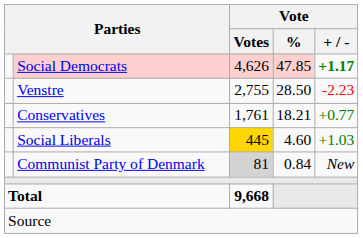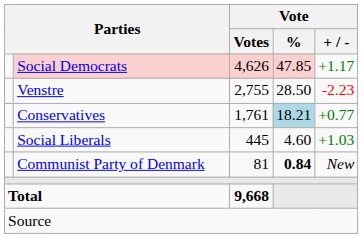 <table class="wikitable" style="text-align:right;">
 <tr>
 <th style="text-align:centre;" rowspan="2" colspan="2" width="225">Parties</th>
 <th colspan="3">Vote</th>
 </tr>
 <tr>
 <th width="15">Votes</th>
 <th width="15">%</th>
 <th width="15">+ / -</th>
 </tr>
 <tr>
 <td width="2" style="color:inherit;background:"></td>
 <td bgcolor=#fbd0ce  align="left"><a href='#'>Social Democrats</a></td>
 <td bgcolor=#fbd0ce>4,626</td>
 <td bgcolor=#fbd0ce>47.85</td>
-<td style=color:green;><strong>+1.17</strong></td>
+<td style=color:green;>+1.17</td>
 </tr>
 <tr>
 <td width="2" style="color:inherit;background:"></td>
 <td align="left"><a href='#'>Venstre</a></td>
 <td>2,755</td>
 <td>28.50</td>
 <td style=color:red;>-2.23</td>
 </tr>
 <tr>
 <td width="2" style="color:inherit;background:"></td>
 <td align="left"><a href='#'>Conservatives</a></td>
 <td>1,761</td>
-<td>18.21</td>
+<td style="background: lightblue;">18.21</td>
 <td style=color:green;>+0.77</td>
 </tr>
 <tr>
 <td width="2" style="color:inherit;background:"></td>
 <td align="left"><a href='#'>Social Liberals</a></td>
-<td style="background: gold;">445</td>
+<td>445</td>
 <td>4.60</td>
 <td style=color:green;>+1.03</td>
 </tr>
 <tr>
 <td width="2" style="color:inherit;background:"></td>
 <td align="left"><a href='#'>Communist Party of Denmark</a></td>
-<td style="background: lightgrey;">81</td>
-<td>0.84</td>
+<td>81</td>
+<td><strong>0.84</strong></td>
 <td><em>New</em></td>
 </tr>
 <tr>
 <td colspan="7" bgcolor="#E9E9E9"></td>
 </tr>
 <tr>
 <td align="left" colspan="2"><strong>Total</strong></td>
 <td><strong>9,668</strong></td>
 <td bgcolor="#E9E9E9" colspan="2"></td>
 </tr>
 <tr>
 <td align="left" colspan="6">Source</td>
 </tr>
 </table>
